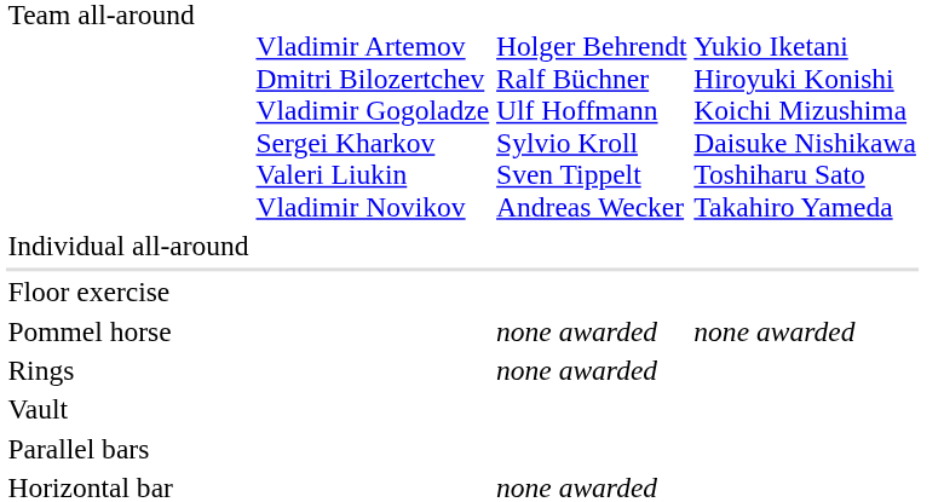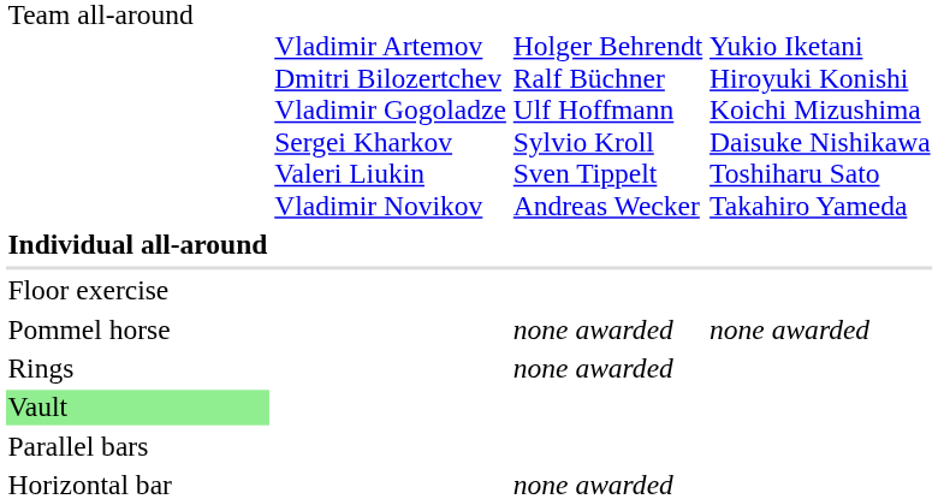 <table>
 <tr valign="top">
 <td>Team all-around<br></td>
 <td><br><a href='#'>Vladimir Artemov</a><br><a href='#'>Dmitri Bilozertchev</a><br><a href='#'>Vladimir Gogoladze</a><br><a href='#'>Sergei Kharkov</a><br><a href='#'>Valeri Liukin</a><br><a href='#'>Vladimir Novikov</a></td>
 <td><br><a href='#'>Holger Behrendt</a><br><a href='#'>Ralf Büchner</a><br><a href='#'>Ulf Hoffmann</a><br><a href='#'>Sylvio Kroll</a><br><a href='#'>Sven Tippelt</a><br><a href='#'>Andreas Wecker</a></td>
 <td><br><a href='#'>Yukio Iketani</a><br><a href='#'>Hiroyuki Konishi</a><br><a href='#'>Koichi Mizushima</a><br><a href='#'>Daisuke Nishikawa</a><br><a href='#'>Toshiharu Sato</a><br><a href='#'>Takahiro Yameda</a></td>
 </tr>
 <tr valign="top">
-<td>Individual all-around<br></td>
+<td><strong>Individual all-around<br></strong></td>
 <td></td>
 <td></td>
 <td></td>
 </tr>
 <tr bgcolor=#DDDDDD>
 <td colspan=7></td>
 </tr>
 <tr valign="top">
 <td rowspan=2>Floor exercise<br></td>
 <td rowspan=2></td>
 <td rowspan=2></td>
 <td></td>
 </tr>
 <tr>
 <td></td>
 </tr>
 <tr valign="top">
 <td rowspan=3>Pommel horse<br></td>
 <td></td>
 <td rowspan=3><em>none awarded</em></td>
 <td rowspan=3><em>none awarded</em></td>
 </tr>
 <tr>
 <td></td>
 </tr>
 <tr>
 <td></td>
 </tr>
 <tr valign="top">
 <td rowspan=2>Rings<br></td>
 <td></td>
 <td rowspan=2><em>none awarded</em></td>
 <td rowspan=2></td>
 </tr>
 <tr>
 <td></td>
 </tr>
 <tr valign="top">
-<td>Vault<br></td>
+<td style="background: lightgreen;">Vault<br></td>
 <td></td>
 <td></td>
 <td></td>
 </tr>
 <tr valign="top">
 <td>Parallel bars<br></td>
 <td></td>
 <td></td>
 <td></td>
 </tr>
 <tr valign="top">
 <td rowspan=2>Horizontal bar<br></td>
 <td></td>
 <td rowspan=2><em>none awarded</em></td>
 <td></td>
 </tr>
 <tr>
 <td></td>
 <td></td>
 </tr>
 </table>
